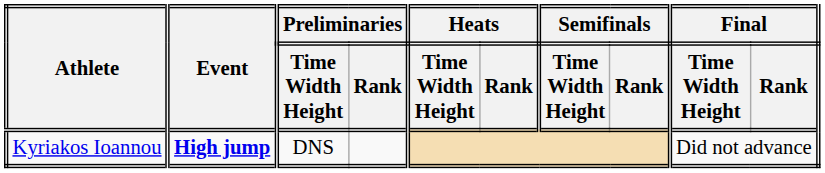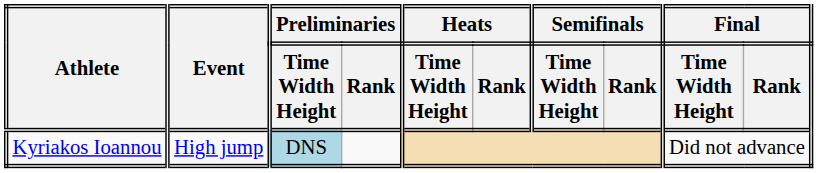 <table class=wikitable style="font-size:90%; border: double;">
 <tr>
 <th rowspan="2" style="border-right:double">Athlete</th>
 <th rowspan="2" style="border-right:double">Event</th>
 <th colspan="2" style="border-right:double; border-bottom:double;">Preliminaries</th>
 <th colspan="2" style="border-right:double; border-bottom:double;">Heats</th>
 <th colspan="2" style="border-right:double; border-bottom:double;">Semifinals</th>
 <th colspan="2" style="border-right:double; border-bottom:double;">Final</th>
 </tr>
 <tr>
 <th>Time<br>Width<br>Height</th>
 <th style="border-right:double">Rank</th>
 <th>Time<br>Width<br>Height</th>
 <th style="border-right:double">Rank</th>
 <th>Time<br>Width<br>Height</th>
 <th style="border-right:double">Rank</th>
 <th>Time<br>Width<br>Height</th>
 <th style="border-right:double">Rank</th>
 </tr>
 <tr style="border-top: double;">
 <td style="border-right:double"><a href='#'>Kyriakos Ioannou</a></td>
-<td style="border-right:double"><strong><a href='#'>High jump</a></strong></td>
-<td align=center>DNS</td>
+<td style="border-right:double"><a href='#'>High jump</a></td>
+<td align=center style="background: lightblue;">DNS</td>
 <td align=center style="border-right:double"></td>
 <td style="border-right:double" colspan= 4 bgcolor="wheat"></td>
 <td colspan="2" align=center>Did not advance</td>
 </tr>
 </table>
